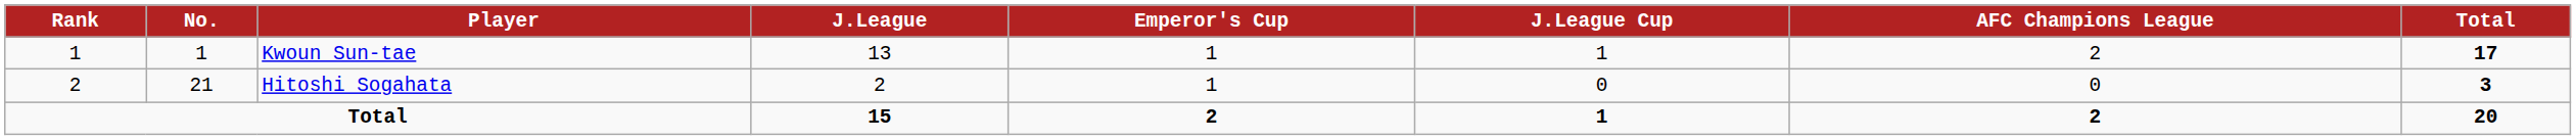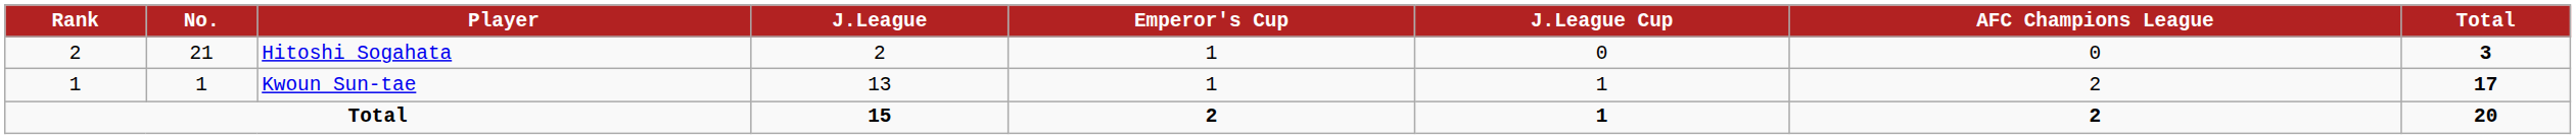 <table class="wikitable sortable" style="text-align:center;width:85%;">
 <tr>
 <th style=" background:firebrick; color:#fff;">Rank</th>
 <th style="background:firebrick; color:#fff;">No.</th>
 <th style="background:firebrick; color:#fff;">Player</th>
 <th style="background:firebrick; color:#fff;">J.League</th>
 <th style="background:firebrick; color:#fff;">Emperor's Cup</th>
 <th style="background:firebrick; color:#fff;">J.League Cup</th>
 <th style="background:firebrick; color:#fff;">AFC Champions League</th>
 <th style="background:firebrick; color:#fff;">Total</th>
 </tr>
 <tr>
+<td>2</td>
+<td>21</td>
+<td align=left> <a href='#'>Hitoshi Sogahata</a></td>
+<td>2</td>
+<td>1</td>
+<td>0</td>
+<td>0</td>
+<td><strong>3</strong></td>
+</tr>
+<tr>
 <td>1</td>
 <td>1</td>
 <td align=left> <a href='#'>Kwoun Sun-tae</a></td>
 <td>13</td>
 <td>1</td>
 <td>1</td>
 <td>2</td>
 <td><strong>17</strong></td>
 </tr>
 <tr>
-<td>2</td>
-<td>21</td>
-<td align=left> <a href='#'>Hitoshi Sogahata</a></td>
-<td>2</td>
-<td>1</td>
-<td>0</td>
-<td>0</td>
-<td><strong>3</strong></td>
-</tr>
-<tr>
 <td colspan=3><strong>Total</strong></td>
 <td><strong>15</strong></td>
 <td><strong>2</strong></td>
 <td><strong>1</strong></td>
 <td><strong>2</strong></td>
 <td><strong>20</strong></td>
 </tr>
 </table>
